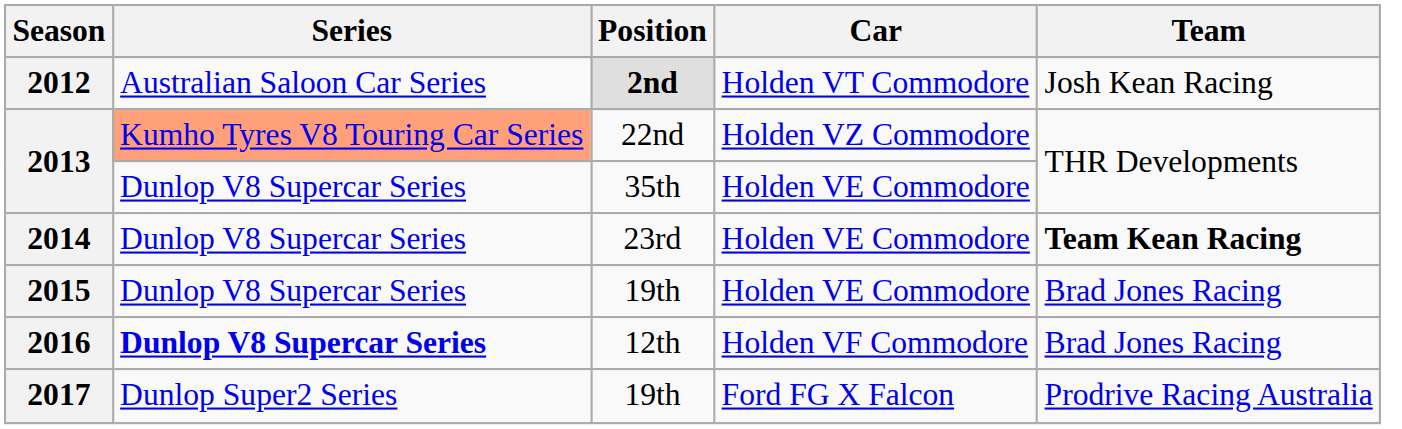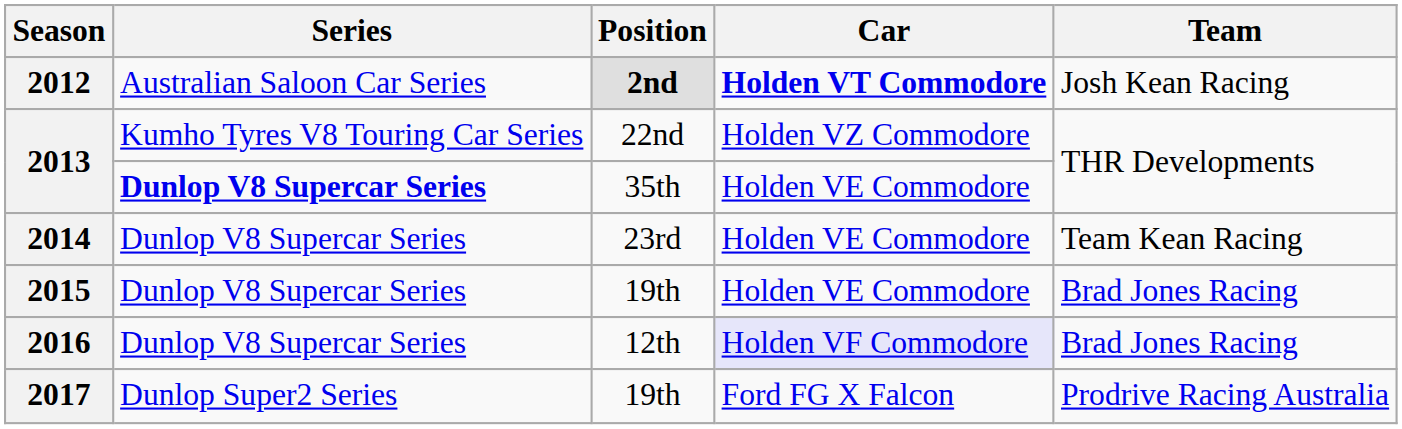 <table class="wikitable" style="font-size: 95%;">
 <tr>
 <th>Season</th>
 <th>Series</th>
 <th>Position</th>
 <th>Car</th>
 <th>Team</th>
 </tr>
 <tr>
 <th>2012</th>
 <td><a href='#'>Australian Saloon Car Series</a></td>
 <td align="center" style="background: #dfdfdf"><strong>2nd</strong></td>
-<td><a href='#'>Holden VT Commodore</a></td>
+<td><strong><a href='#'>Holden VT Commodore</a></strong></td>
 <td>Josh Kean Racing</td>
 </tr>
 <tr>
 <th rowspan=2>2013</th>
-<td style="background: lightsalmon;"><a href='#'>Kumho Tyres V8 Touring Car Series</a></td>
+<td><a href='#'>Kumho Tyres V8 Touring Car Series</a></td>
 <td align="center">22nd</td>
 <td><a href='#'>Holden VZ Commodore</a></td>
 <td rowspan=2>THR Developments</td>
 </tr>
 <tr>
-<td><a href='#'>Dunlop V8 Supercar Series</a></td>
+<td><strong><a href='#'>Dunlop V8 Supercar Series</a></strong></td>
 <td align="center">35th</td>
 <td><a href='#'>Holden VE Commodore</a></td>
 </tr>
 <tr>
 <th>2014</th>
 <td><a href='#'>Dunlop V8 Supercar Series</a></td>
 <td align="center">23rd</td>
 <td><a href='#'>Holden VE Commodore</a></td>
-<td><strong>Team Kean Racing</strong></td>
+<td>Team Kean Racing</td>
 </tr>
 <tr>
 <th>2015</th>
 <td><a href='#'>Dunlop V8 Supercar Series</a></td>
 <td align="center">19th</td>
 <td><a href='#'>Holden VE Commodore</a></td>
 <td><a href='#'>Brad Jones Racing</a></td>
 </tr>
 <tr>
 <th>2016</th>
-<td><strong><a href='#'>Dunlop V8 Supercar Series</a></strong></td>
+<td><a href='#'>Dunlop V8 Supercar Series</a></td>
 <td align="center">12th</td>
-<td><a href='#'>Holden VF Commodore</a></td>
+<td style="background: lavender;"><a href='#'>Holden VF Commodore</a></td>
 <td><a href='#'>Brad Jones Racing</a></td>
 </tr>
 <tr>
 <th>2017</th>
 <td><a href='#'>Dunlop Super2 Series</a></td>
 <td align="center">19th</td>
 <td><a href='#'>Ford FG X Falcon</a></td>
 <td><a href='#'>Prodrive Racing Australia</a></td>
 </tr>
 </table>
